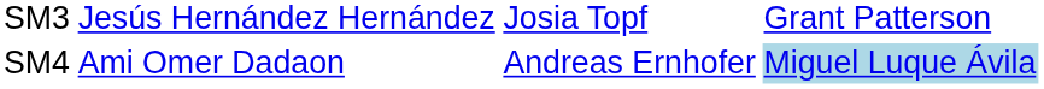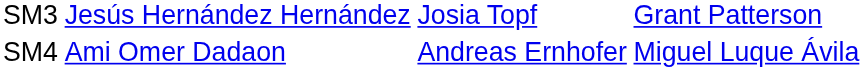 <table>
 <tr>
 <td>SM3</td>
 <td><a href='#'>Jesús Hernández Hernández</a><br></td>
 <td><a href='#'>Josia Topf</a><br></td>
 <td><a href='#'>Grant Patterson</a><br></td>
 </tr>
 <tr>
 <td>SM4</td>
 <td><a href='#'>Ami Omer Dadaon</a><br></td>
 <td><a href='#'>Andreas Ernhofer</a><br></td>
-<td style="background: lightblue;"><a href='#'>Miguel Luque Ávila</a><br></td>
+<td><a href='#'>Miguel Luque Ávila</a><br></td>
 </tr>
 </table>
